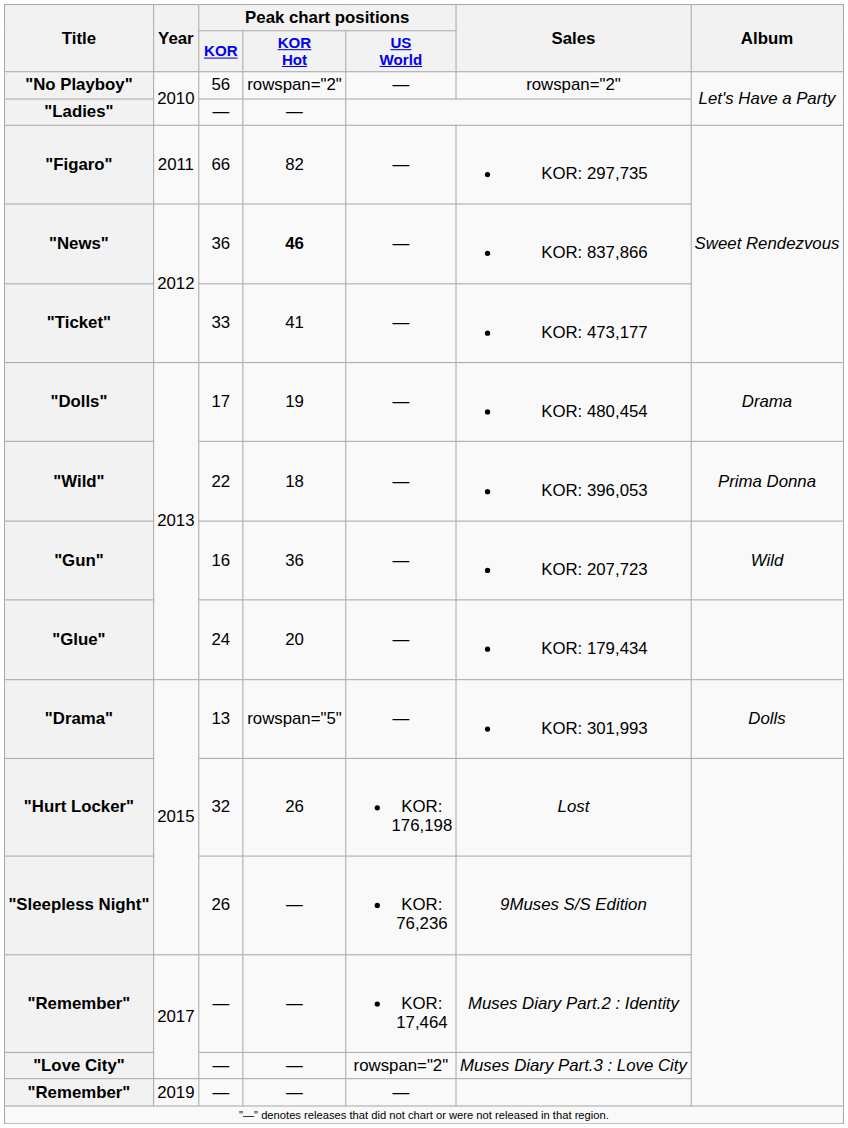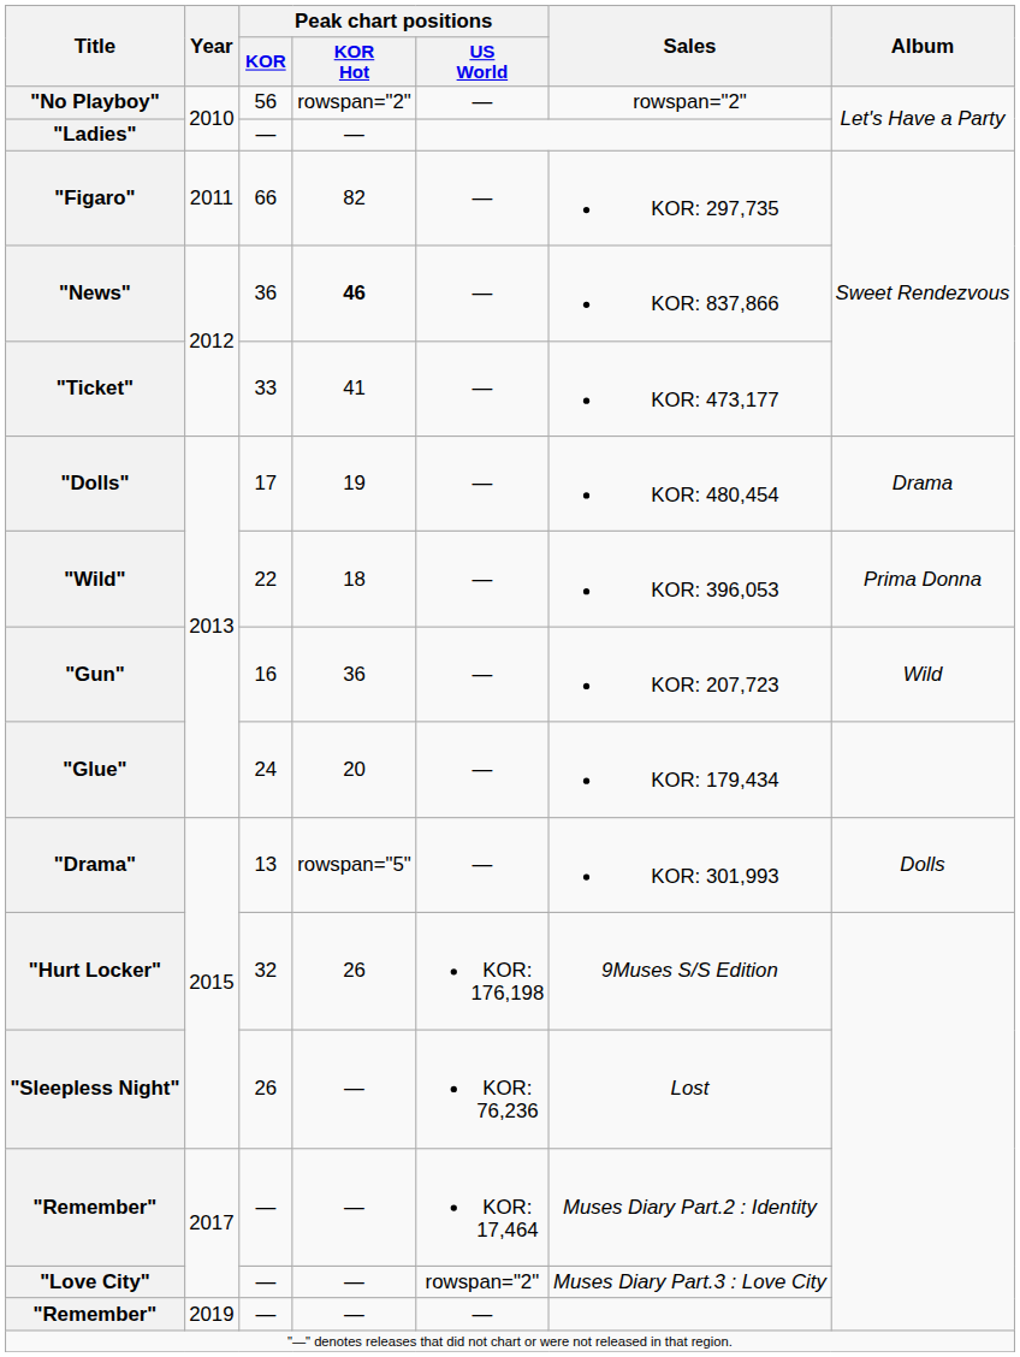 <table class="wikitable plainrowheaders" style="text-align:center">
 <tr>
 <th scope="col" rowspan="2">Title</th>
 <th scope="col" rowspan="2">Year</th>
 <th scope="col" colspan="3">Peak chart positions</th>
 <th scope="col" rowspan="2">Sales<br></th>
 <th scope="col" rowspan="2">Album</th>
 </tr>
 <tr>
 <th scope="col" style="width:2.5em;font-size:90%;"><a href='#'>KOR</a><br></th>
 <th scope="col" style="width:2.5em;font-size:90%;"><a href='#'>KOR<br>Hot</a><br></th>
 <th scope="col" style="width:2.5em;font-size:90%;"><a href='#'>US<br>World</a><br></th>
 </tr>
 <tr>
 <th scope="row">"No Playboy"</th>
 <td rowspan="2">2010</td>
 <td>56</td>
 <td>rowspan="2" </td>
 <td>—</td>
 <td>rowspan="2" </td>
 <td rowspan="2"><em>Let's Have a Party</em></td>
 </tr>
 <tr>
 <th scope="row">"Ladies"</th>
 <td>—</td>
 <td>—</td>
 </tr>
 <tr>
 <th scope="row">"Figaro" </th>
 <td>2011</td>
 <td>66</td>
 <td>82</td>
 <td>—</td>
 <td><br><ul><li>KOR: 297,735</li></ul></td>
 <td rowspan="3"><em>Sweet Rendezvous</em></td>
 </tr>
 <tr>
 <th scope="row">"News" </th>
 <td rowspan="2">2012</td>
 <td>36</td>
 <td><strong>46</strong></td>
 <td>—</td>
 <td><br><ul><li>KOR: 837,866</li></ul></td>
 </tr>
 <tr>
 <th scope="row">"Ticket" </th>
 <td>33</td>
 <td>41</td>
 <td>—</td>
 <td><br><ul><li>KOR: 473,177</li></ul></td>
 </tr>
 <tr>
 <th scope="row">"Dolls" </th>
 <td rowspan="4">2013</td>
 <td>17</td>
 <td>19</td>
 <td>—</td>
 <td><br><ul><li>KOR: 480,454</li></ul></td>
 <td><em>Drama</em></td>
 </tr>
 <tr>
 <th scope="row">"Wild" </th>
 <td>22</td>
 <td>18</td>
 <td>—</td>
 <td><br><ul><li>KOR: 396,053</li></ul></td>
 <td><em>Prima Donna</em></td>
 </tr>
 <tr>
 <th scope="row">"Gun" </th>
 <td>16</td>
 <td>36</td>
 <td>—</td>
 <td><br><ul><li>KOR: 207,723</li></ul></td>
 <td><em>Wild</em></td>
 </tr>
 <tr>
 <th scope="row">"Glue" </th>
 <td>24</td>
 <td>20</td>
 <td>—</td>
 <td><br><ul><li>KOR: 179,434</li></ul></td>
 <td></td>
 </tr>
 <tr>
 <th scope="row">"Drama" </th>
 <td rowspan="3">2015</td>
 <td>13</td>
 <td>rowspan="5" </td>
 <td>—</td>
 <td><br><ul><li>KOR: 301,993</li></ul></td>
 <td><em>Dolls</em></td>
 </tr>
 <tr>
 <th scope="row">"Hurt Locker" </th>
 <td>32</td>
 <td>26</td>
 <td><br><ul><li>KOR: 176,198</li></ul></td>
-<td><em>Lost</em></td>
+<td><em>9Muses S/S Edition</em></td>
 </tr>
 <tr>
 <th scope="row">"Sleepless Night" </th>
 <td>26</td>
 <td>—</td>
 <td><br><ul><li>KOR: 76,236</li></ul></td>
-<td><em>9Muses S/S Edition</em></td>
+<td><em>Lost</em></td>
 </tr>
 <tr>
 <th scope="row">"Remember" </th>
 <td rowspan="2">2017</td>
 <td>—</td>
 <td>—</td>
 <td><br><ul><li>KOR: 17,464</li></ul></td>
 <td><em>Muses Diary Part.2 : Identity</em></td>
 </tr>
 <tr>
 <th scope="row">"Love City" </th>
 <td>—</td>
 <td>—</td>
 <td>rowspan="2" </td>
 <td><em>Muses Diary Part.3 : Love City</em></td>
 </tr>
 <tr>
 <th scope="row">"Remember"</th>
 <td>2019</td>
 <td>—</td>
 <td>—</td>
 <td>—</td>
 <td></td>
 </tr>
 <tr>
 <td colspan="7" style="font-size:8pt;">"—" denotes releases that did not chart or were not released in that region.</td>
 </tr>
 </table>
